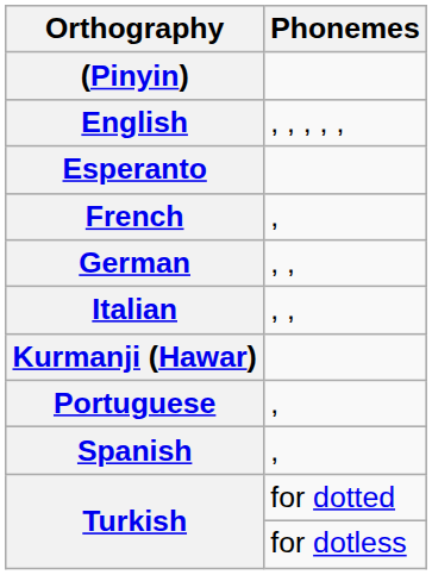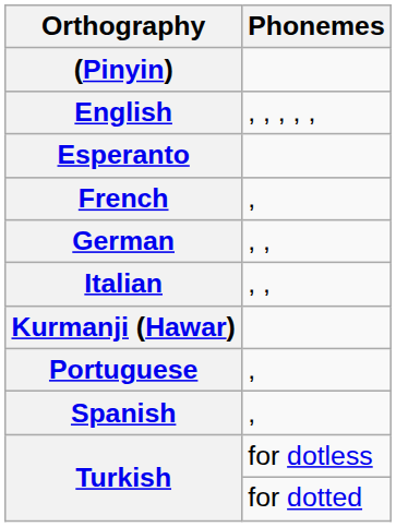 <table class="wikitable mw-collapsible">
 <tr>
 <th>Orthography</th>
 <th>Phonemes</th>
 </tr>
 <tr>
 <th> (<a href='#'>Pinyin</a>)</th>
 <td></td>
 </tr>
 <tr>
 <th><a href='#'>English</a></th>
 <td>, , , , , </td>
 </tr>
 <tr>
 <th><a href='#'>Esperanto</a></th>
 <td></td>
 </tr>
 <tr>
 <th><a href='#'>French</a></th>
 <td>, </td>
 </tr>
 <tr>
 <th><a href='#'>German</a></th>
 <td>, , </td>
 </tr>
 <tr>
 <th><a href='#'>Italian</a></th>
 <td>, , </td>
 </tr>
 <tr>
 <th><a href='#'>Kurmanji</a> (<a href='#'>Hawar</a>)</th>
 <td></td>
 </tr>
 <tr>
 <th><a href='#'>Portuguese</a></th>
 <td>, </td>
 </tr>
 <tr>
 <th><a href='#'>Spanish</a></th>
 <td>, </td>
 </tr>
 <tr>
 <th rowspan="2"><a href='#'>Turkish</a></th>
+<td> for <a href='#'>dotless</a> </td>
+</tr>
+<tr>
 <td> for <a href='#'>dotted</a> </td>
 </tr>
-<tr>
-<td> for <a href='#'>dotless</a> </td>
-</tr>
 </table>
